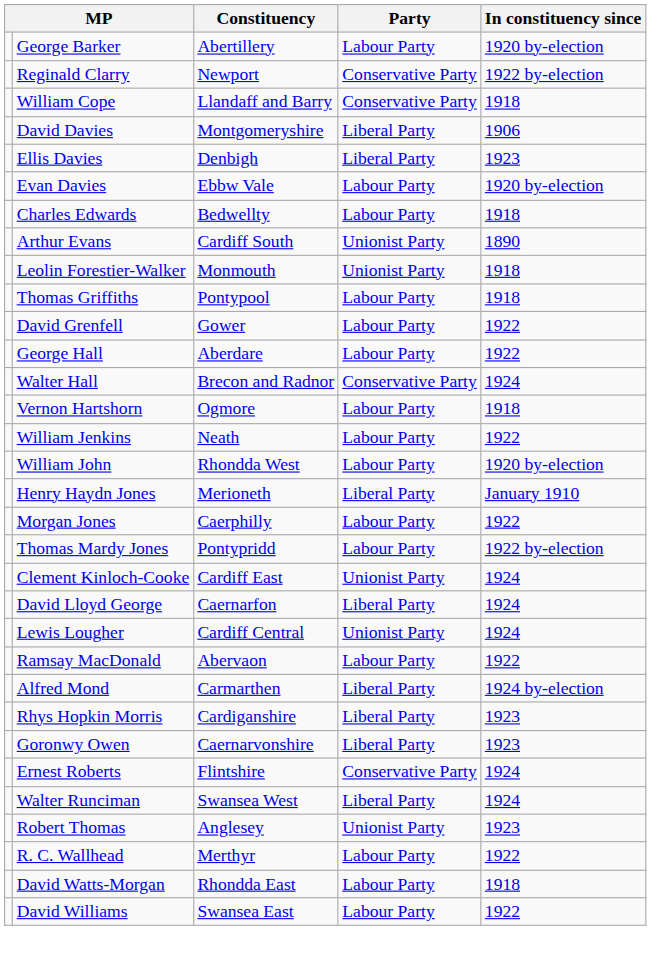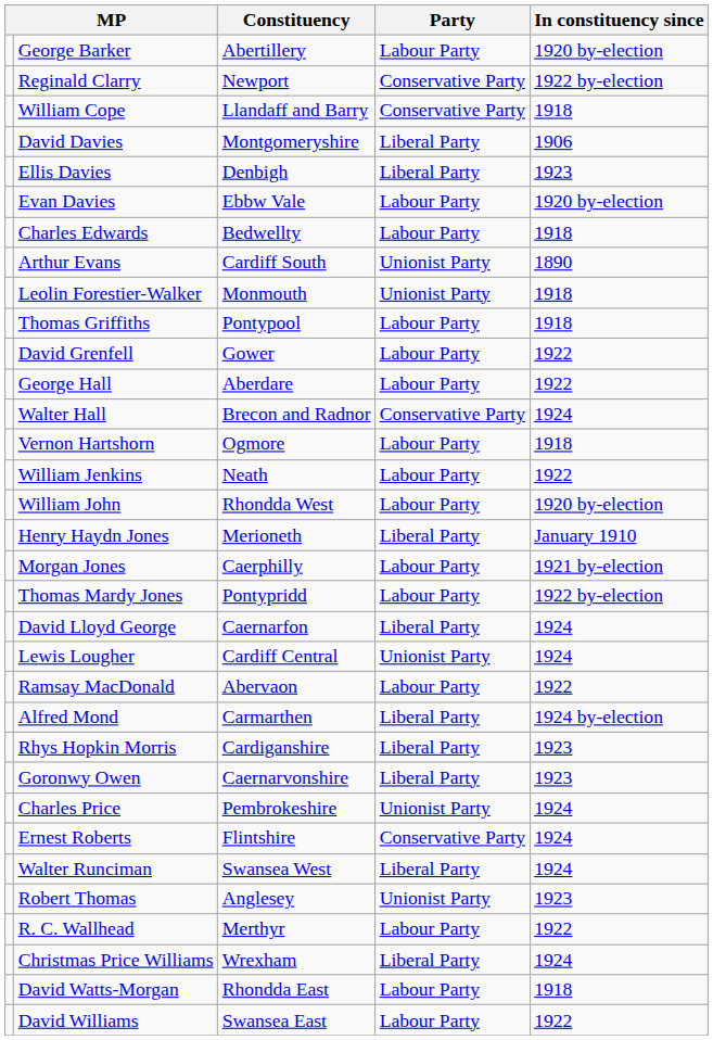 <table class="wikitable sortable">
 <tr>
 <th colspan="2">MP</th>
 <th>Constituency</th>
 <th>Party</th>
 <th>In constituency since</th>
 </tr>
 <tr>
 <td style="color:inherit;background-color: "></td>
 <td><a href='#'>George Barker</a></td>
 <td><a href='#'>Abertillery</a></td>
 <td><a href='#'>Labour Party</a></td>
 <td><a href='#'>1920 by-election</a></td>
 </tr>
 <tr>
 <td style="color:inherit;background-color: "></td>
 <td><a href='#'>Reginald Clarry</a></td>
 <td><a href='#'>Newport</a></td>
 <td><a href='#'>Conservative Party</a></td>
 <td><a href='#'>1922 by-election</a></td>
 </tr>
 <tr>
 <td style="color:inherit;background-color: "></td>
 <td><a href='#'>William Cope</a></td>
 <td><a href='#'>Llandaff and Barry</a></td>
 <td><a href='#'>Conservative Party</a></td>
 <td><a href='#'>1918</a></td>
 </tr>
 <tr>
 <td style="color:inherit;background-color: "></td>
 <td><a href='#'>David Davies</a></td>
 <td><a href='#'>Montgomeryshire</a></td>
 <td><a href='#'>Liberal Party</a></td>
 <td><a href='#'>1906</a></td>
 </tr>
 <tr>
 <td style="color:inherit;background-color: "></td>
 <td><a href='#'>Ellis Davies</a></td>
 <td><a href='#'>Denbigh</a></td>
 <td><a href='#'>Liberal Party</a></td>
 <td><a href='#'>1923</a></td>
 </tr>
 <tr>
 <td style="color:inherit;background-color: "></td>
 <td><a href='#'>Evan Davies</a></td>
 <td><a href='#'>Ebbw Vale</a></td>
 <td><a href='#'>Labour Party</a></td>
 <td><a href='#'>1920 by-election</a></td>
 </tr>
 <tr>
 <td style="color:inherit;background-color: "></td>
 <td><a href='#'>Charles Edwards</a></td>
 <td><a href='#'>Bedwellty</a></td>
 <td><a href='#'>Labour Party</a></td>
 <td><a href='#'>1918</a></td>
 </tr>
 <tr>
 <td style="color:inherit;background-color: "></td>
 <td><a href='#'>Arthur Evans</a></td>
 <td><a href='#'>Cardiff South</a></td>
 <td><a href='#'>Unionist Party</a></td>
 <td><a href='#'>1890</a></td>
 </tr>
 <tr>
 <td style="color:inherit;background-color: "></td>
 <td><a href='#'>Leolin Forestier-Walker</a></td>
 <td><a href='#'>Monmouth</a></td>
 <td><a href='#'>Unionist Party</a></td>
 <td><a href='#'>1918</a></td>
 </tr>
 <tr>
 <td style="color:inherit;background-color: "></td>
 <td><a href='#'>Thomas Griffiths</a></td>
 <td><a href='#'>Pontypool</a></td>
 <td><a href='#'>Labour Party</a></td>
 <td><a href='#'>1918</a></td>
 </tr>
 <tr>
 <td style="color:inherit;background-color: "></td>
 <td><a href='#'>David Grenfell</a></td>
 <td><a href='#'>Gower</a></td>
 <td><a href='#'>Labour Party</a></td>
 <td><a href='#'>1922</a></td>
 </tr>
 <tr>
 <td style="color:inherit;background-color: "></td>
 <td><a href='#'>George Hall</a></td>
 <td><a href='#'>Aberdare</a></td>
 <td><a href='#'>Labour Party</a></td>
 <td><a href='#'>1922</a></td>
 </tr>
 <tr>
 <td style="color:inherit;background-color: "></td>
 <td><a href='#'>Walter Hall</a></td>
 <td><a href='#'>Brecon and Radnor</a></td>
 <td><a href='#'>Conservative Party</a></td>
 <td><a href='#'>1924</a></td>
 </tr>
 <tr>
 <td style="color:inherit;background-color: "></td>
 <td><a href='#'>Vernon Hartshorn</a></td>
 <td><a href='#'>Ogmore</a></td>
 <td><a href='#'>Labour Party</a></td>
 <td><a href='#'>1918</a></td>
 </tr>
 <tr>
 <td style="color:inherit;background-color: "></td>
 <td><a href='#'>William Jenkins</a></td>
 <td><a href='#'>Neath</a></td>
 <td><a href='#'>Labour Party</a></td>
 <td><a href='#'>1922</a></td>
 </tr>
 <tr>
 <td style="color:inherit;background-color: "></td>
 <td><a href='#'>William John</a></td>
 <td><a href='#'>Rhondda West</a></td>
 <td><a href='#'>Labour Party</a></td>
 <td><a href='#'>1920 by-election</a></td>
 </tr>
 <tr>
 <td style="color:inherit;background-color: "></td>
 <td><a href='#'>Henry Haydn Jones</a></td>
 <td><a href='#'>Merioneth</a></td>
 <td><a href='#'>Liberal Party</a></td>
 <td><a href='#'>January 1910</a></td>
 </tr>
 <tr>
 <td style="color:inherit;background-color: "></td>
 <td><a href='#'>Morgan Jones</a></td>
 <td><a href='#'>Caerphilly</a></td>
 <td><a href='#'>Labour Party</a></td>
-<td><a href='#'>1922</a></td>
+<td><a href='#'>1921 by-election</a></td>
 </tr>
 <tr>
 <td style="color:inherit;background-color: "></td>
 <td><a href='#'>Thomas Mardy Jones</a></td>
 <td><a href='#'>Pontypridd</a></td>
 <td><a href='#'>Labour Party</a></td>
 <td><a href='#'>1922 by-election</a></td>
-</tr>
-<tr>
-<td style="color:inherit;background-color: "></td>
-<td><a href='#'>Clement Kinloch-Cooke</a></td>
-<td><a href='#'>Cardiff East</a></td>
-<td><a href='#'>Unionist Party</a></td>
-<td><a href='#'>1924</a></td>
 </tr>
 <tr>
 <td style="color:inherit;background-color: "></td>
 <td><a href='#'>David Lloyd George</a></td>
 <td><a href='#'>Caernarfon</a></td>
 <td><a href='#'>Liberal Party</a></td>
 <td><a href='#'>1924</a></td>
 </tr>
 <tr>
 <td style="color:inherit;background-color: "></td>
 <td><a href='#'>Lewis Lougher</a></td>
 <td><a href='#'>Cardiff Central</a></td>
 <td><a href='#'>Unionist Party</a></td>
 <td><a href='#'>1924</a></td>
 </tr>
 <tr>
 <td style="color:inherit;background-color: "></td>
 <td><a href='#'>Ramsay MacDonald</a></td>
 <td><a href='#'>Abervaon</a></td>
 <td><a href='#'>Labour Party</a></td>
 <td><a href='#'>1922</a></td>
 </tr>
 <tr>
 <td style="color:inherit;background-color: "></td>
 <td><a href='#'>Alfred Mond</a></td>
 <td><a href='#'>Carmarthen</a></td>
 <td><a href='#'>Liberal Party</a></td>
 <td><a href='#'>1924 by-election</a></td>
 </tr>
 <tr>
 <td style="color:inherit;background-color: "></td>
 <td><a href='#'>Rhys Hopkin Morris</a></td>
 <td><a href='#'>Cardiganshire</a></td>
 <td><a href='#'>Liberal Party</a></td>
 <td><a href='#'>1923</a></td>
 </tr>
 <tr>
 <td style="color:inherit;background-color: "></td>
 <td><a href='#'>Goronwy Owen</a></td>
 <td><a href='#'>Caernarvonshire</a></td>
 <td><a href='#'>Liberal Party</a></td>
 <td><a href='#'>1923</a></td>
 </tr>
 <tr>
 <td style="color:inherit;background-color: "></td>
+<td><a href='#'>Charles Price</a></td>
+<td><a href='#'>Pembrokeshire</a></td>
+<td><a href='#'>Unionist Party</a></td>
+<td><a href='#'>1924</a></td>
+</tr>
+<tr>
+<td style="color:inherit;background-color: "></td>
 <td><a href='#'>Ernest Roberts</a></td>
 <td><a href='#'>Flintshire</a></td>
 <td><a href='#'>Conservative Party</a></td>
 <td><a href='#'>1924</a></td>
 </tr>
 <tr>
 <td style="color:inherit;background-color: "></td>
 <td><a href='#'>Walter Runciman</a></td>
 <td><a href='#'>Swansea West</a></td>
 <td><a href='#'>Liberal Party</a></td>
 <td><a href='#'>1924</a></td>
 </tr>
 <tr>
 <td style="color:inherit;background-color: "></td>
 <td><a href='#'>Robert Thomas</a></td>
 <td><a href='#'>Anglesey</a></td>
 <td><a href='#'>Unionist Party</a></td>
 <td><a href='#'>1923</a></td>
 </tr>
 <tr>
 <td style="color:inherit;background-color: "></td>
 <td><a href='#'>R. C. Wallhead</a></td>
 <td><a href='#'>Merthyr</a></td>
 <td><a href='#'>Labour Party</a></td>
 <td><a href='#'>1922</a></td>
 </tr>
 <tr>
 <td style="color:inherit;background-color: "></td>
+<td><a href='#'>Christmas Price Williams</a></td>
+<td><a href='#'>Wrexham</a></td>
+<td><a href='#'>Liberal Party</a></td>
+<td><a href='#'>1924</a></td>
+</tr>
+<tr>
+<td style="color:inherit;background-color: "></td>
 <td><a href='#'>David Watts-Morgan</a></td>
 <td><a href='#'>Rhondda East</a></td>
 <td><a href='#'>Labour Party</a></td>
 <td><a href='#'>1918</a></td>
 </tr>
 <tr>
 <td style="color:inherit;background-color: "></td>
 <td><a href='#'>David Williams</a></td>
 <td><a href='#'>Swansea East</a></td>
 <td><a href='#'>Labour Party</a></td>
 <td><a href='#'>1922</a></td>
 </tr>
 </table>
